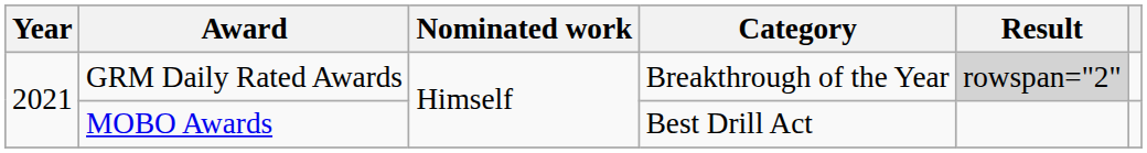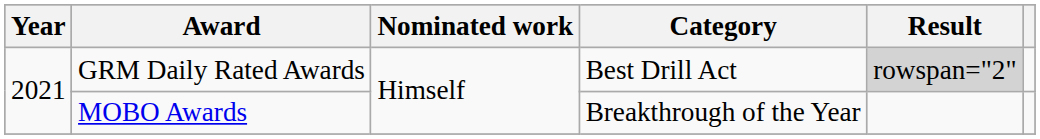 <table class="wikitable sortable plainrowheaders" style="width: auto;">
 <tr>
 <th scope="col">Year</th>
 <th scope="col">Award</th>
 <th scope="col">Nominated work</th>
 <th scope="col">Category</th>
 <th scope="col">Result</th>
 <th scope="col" class="unsortable"></th>
 </tr>
 <tr>
 <td rowspan="2">2021</td>
 <td>GRM Daily Rated Awards</td>
 <td rowspan="2">Himself</td>
-<td>Breakthrough of the Year</td>
+<td>Best Drill Act</td>
 <td style="background: lightgrey;">rowspan="2" </td>
 <td></td>
 </tr>
 <tr>
 <td><a href='#'>MOBO Awards</a></td>
-<td>Best Drill Act</td>
+<td>Breakthrough of the Year</td>
 <td></td>
 </tr>
 </table>
